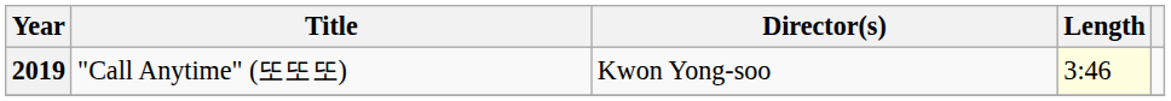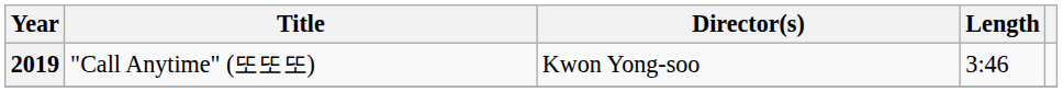 <table class="wikitable sortable plainrowheaders">
 <tr>
 <th scope="col">Year</th>
 <th scope="col" style="width:19em;">Title</th>
 <th scope="col" style="width:17em;">Director(s)</th>
 <th scope="col">Length</th>
 <th scope="col" class="unsortable"></th>
 </tr>
 <tr>
 <th scope="row">2019</th>
 <td>"Call Anytime" (또또또)</td>
 <td>Kwon Yong-soo</td>
-<td style="background: lightyellow;">3:46</td>
+<td>3:46</td>
 <td style="text-align:center"></td>
 </tr>
 <tr>
 </tr>
 </table>
